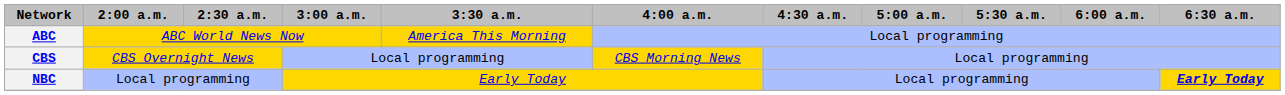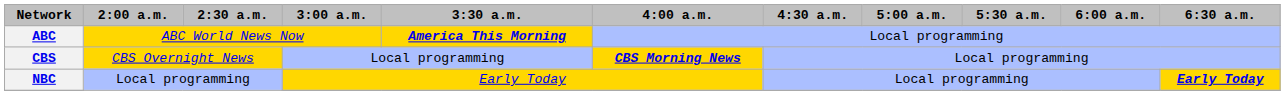 <table class="wikitable" style="width:100%;margin-right:0;text-align:center">
 <tr>
 <th style="background-color:#C0C0C0;text-align:center">Network</th>
 <th style="background-color:#C0C0C0;text-align:center">2:00 a.m.</th>
 <th style="background-color:#C0C0C0;text-align:center">2:30 a.m.</th>
 <th style="background-color:#C0C0C0;text-align:center">3:00 a.m.</th>
 <th style="background-color:#C0C0C0;text-align:center">3:30 a.m.</th>
 <th style="background-color:#C0C0C0;text-align:center">4:00 a.m.</th>
 <th style="background-color:#C0C0C0;text-align:center">4:30 a.m.</th>
 <th style="background-color:#C0C0C0;text-align:center">5:00 a.m.</th>
 <th style="background-color:#C0C0C0;text-align:center">5:30 a.m.</th>
 <th style="background-color:#C0C0C0;text-align:center">6:00 a.m.</th>
 <th style="background-color:#C0C0C0;text-align:center">6:30 a.m.</th>
 </tr>
 <tr>
 <th><a href='#'>ABC</a></th>
 <td colspan="3" style="background:gold"><em><a href='#'>ABC World News Now</a></em></td>
-<td style="background:gold"><em><a href='#'>America This Morning</a></em></td>
+<td style="background:gold"><strong><em><a href='#'>America This Morning</a></em></strong></td>
 <td colspan="6" style="background:#abbfff">Local programming</td>
 </tr>
 <tr>
 <th><a href='#'>CBS</a></th>
 <td colspan="2" style="background:gold"><em><a href='#'>CBS Overnight News</a></em></td>
 <td colspan="2" style="background:#abbfff">Local programming</td>
-<td style="background:gold"><em><a href='#'>CBS Morning News</a></em></td>
+<td style="background:gold"><strong><em><a href='#'>CBS Morning News</a></em></strong></td>
 <td colspan="5" style="background:#abbfff">Local programming</td>
 </tr>
 <tr>
 <th><a href='#'>NBC</a></th>
 <td colspan="2" rowspan="4" style="background:#abbfff">Local programming</td>
 <td colspan="3" style="background:gold"><em><a href='#'>Early Today</a></em></td>
 <td colspan="4" style="background:#abbfff">Local programming</td>
 <td style="background:gold"><strong><em><a href='#'>Early Today</a></em></strong></td>
 </tr>
 <tr>
 </tr>
 </table>
